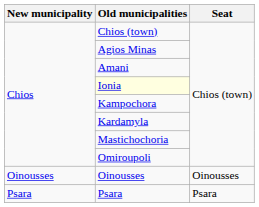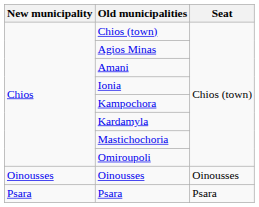 <table class="wikitable">
 <tr>
 <th>New municipality</th>
 <th>Old municipalities</th>
 <th>Seat</th>
 </tr>
 <tr>
 <td rowspan=8><a href='#'>Chios</a></td>
 <td><a href='#'>Chios (town)</a></td>
 <td rowspan=8>Chios (town)</td>
 </tr>
 <tr>
 <td><a href='#'>Agios Minas</a></td>
 </tr>
 <tr>
 <td><a href='#'>Amani</a></td>
 </tr>
 <tr>
-<td style="background: lightyellow;"><a href='#'>Ionia</a></td>
+<td><a href='#'>Ionia</a></td>
 </tr>
 <tr>
 <td><a href='#'>Kampochora</a></td>
 </tr>
 <tr>
 <td><a href='#'>Kardamyla</a></td>
 </tr>
 <tr>
 <td><a href='#'>Mastichochoria</a></td>
 </tr>
 <tr>
 <td><a href='#'>Omiroupoli</a></td>
 </tr>
 <tr>
 <td><a href='#'>Oinousses</a></td>
 <td><a href='#'>Oinousses</a></td>
 <td>Oinousses</td>
 </tr>
 <tr>
 <td><a href='#'>Psara</a></td>
 <td><a href='#'>Psara</a></td>
 <td>Psara</td>
 </tr>
 </table>
